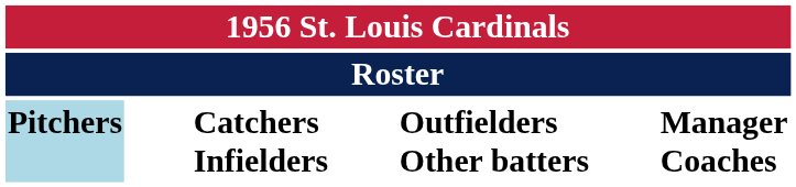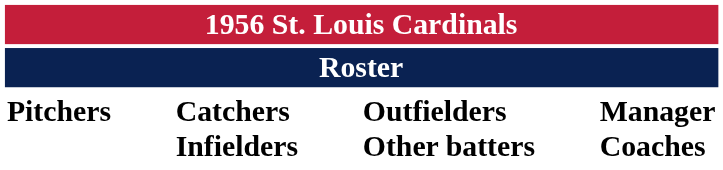 <table class="toccolours" style="font-size: 95%;">
 <tr>
 <th colspan="10" style="background-color: #c41e3a; color: white; text-align: center;">1956 St. Louis Cardinals</th>
 </tr>
 <tr>
 <td colspan="10" style="background-color: #0a2252; color: white; text-align: center;"><strong>Roster</strong></td>
 </tr>
 <tr>
-<td valign="top" style="background: lightblue;"><strong>Pitchers</strong><br>                  </td>
+<td valign="top"><strong>Pitchers</strong><br>                  </td>
 <td width="25px"></td>
 <td valign="top"><strong>Catchers</strong><br>    <strong>Infielders</strong>            </td>
 <td width="25px"></td>
 <td valign="top"><strong>Outfielders</strong><br>          <strong>Other batters</strong> </td>
 <td width="25px"></td>
 <td valign="top"><strong>Manager</strong><br> <strong>Coaches</strong>   </td>
 </tr>
 </table>
